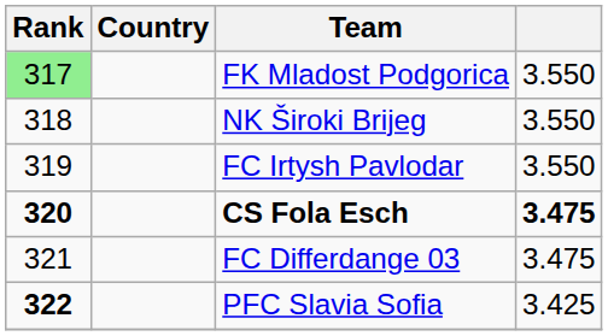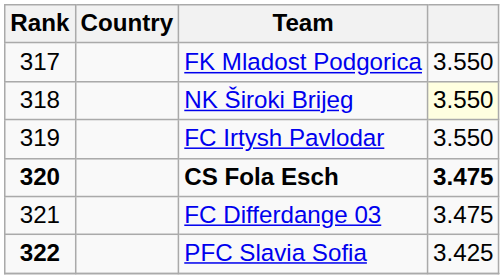 <table class="wikitable">
 <tr>
 <th>Rank</th>
 <th>Country</th>
 <th>Team</th>
 <th></th>
 </tr>
 <tr>
-<td style="background: lightgreen; text-align:center;">317</td>
+<td style="text-align:center;">317</td>
 <td style="text-align:center;"></td>
 <td><a href='#'>FK Mladost Podgorica</a></td>
 <td style="text-align:center;">3.550</td>
 </tr>
 <tr>
 <td style="text-align:center;">318</td>
 <td style="text-align:center;"></td>
 <td><a href='#'>NK Široki Brijeg</a></td>
-<td style="text-align:center;">3.550</td>
+<td style="background: lightyellow; text-align:center;">3.550</td>
 </tr>
 <tr>
 <td style="text-align:center;">319</td>
 <td style="text-align:center;"></td>
 <td><a href='#'>FC Irtysh Pavlodar</a></td>
 <td style="text-align:center;">3.550</td>
 </tr>
 <tr>
 <td style="text-align:center;"><strong>320</strong></td>
 <td style="text-align:center;"></td>
 <td><strong>CS Fola Esch</strong></td>
 <td style="text-align:center;"><strong>3.475</strong></td>
 </tr>
 <tr>
 <td style="text-align:center;">321</td>
 <td style="text-align:center;"></td>
 <td><a href='#'>FC Differdange 03</a></td>
 <td style="text-align:center;">3.475</td>
 </tr>
 <tr>
 <td style="text-align:center;"><strong>322</strong></td>
 <td style="text-align:center;"></td>
 <td><a href='#'>PFC Slavia Sofia</a></td>
 <td style="text-align:center;">3.425</td>
 </tr>
 <tr>
 </tr>
 </table>
